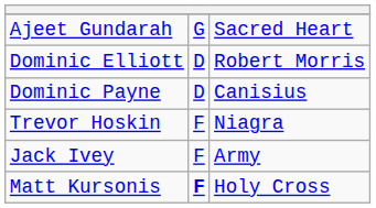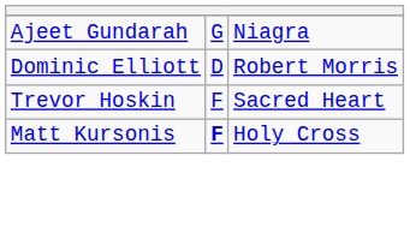 <table class="wikitable">
 <tr>
 <th colspan=3;><a href='#'><strong></strong></a></th>
 </tr>
 <tr>
 </tr>
 <tr>
 <td><a href='#'>Ajeet Gundarah</a></td>
 <td style="text-align:center;"><a href='#'>G</a></td>
-<td><a href='#'>Sacred Heart</a></td>
+<td><a href='#'>Niagra</a></td>
 </tr>
 <tr>
 <td><a href='#'>Dominic Elliott</a></td>
 <td style="text-align:center;"><a href='#'>D</a></td>
 <td><a href='#'>Robert Morris</a></td>
 </tr>
 <tr>
-<td><a href='#'>Dominic Payne</a></td>
-<td style="text-align:center;"><a href='#'>D</a></td>
-<td><a href='#'>Canisius</a></td>
-</tr>
-<tr>
 <td><a href='#'>Trevor Hoskin</a></td>
 <td style="text-align:center;"><a href='#'>F</a></td>
-<td><a href='#'>Niagra</a></td>
-</tr>
-<tr>
-<td><a href='#'>Jack Ivey</a></td>
-<td style="text-align:center;"><a href='#'>F</a></td>
-<td><a href='#'>Army</a></td>
+<td><a href='#'>Sacred Heart</a></td>
 </tr>
 <tr>
 <td><a href='#'>Matt Kursonis</a></td>
 <td style="text-align:center;"><strong><a href='#'>F</a></strong></td>
 <td><a href='#'>Holy Cross</a></td>
 </tr>
 </table>
